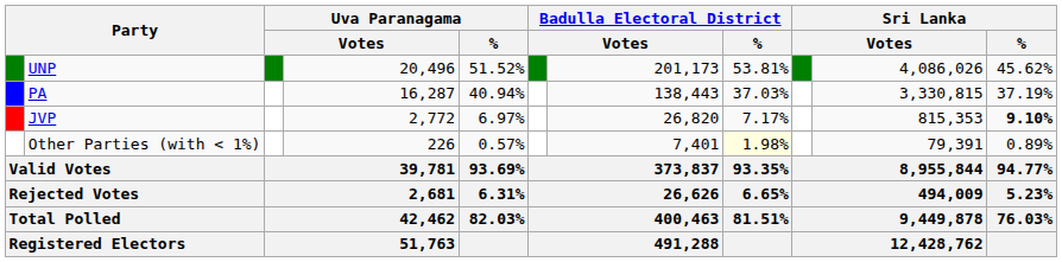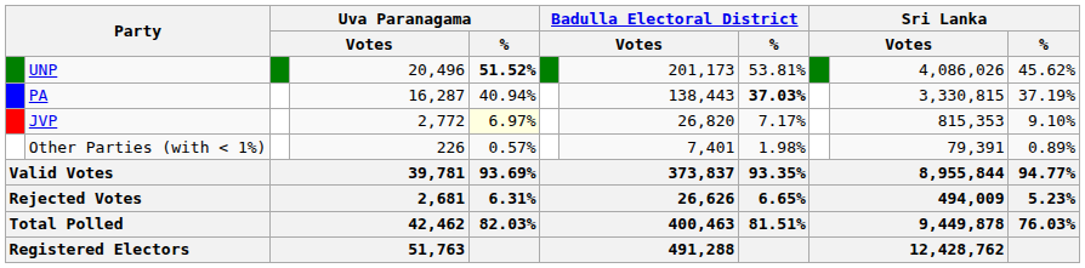 <table class="wikitable">
 <tr>
 <th colspan="2" width="144px"rowspan="2">Party</th>
 <th colspan="3" width="216px">Uva Paranagama</th>
 <th colspan="3" width="216px"><a href='#'>Badulla Electoral District</a></th>
 <th colspan="3" width="216px">Sri Lanka</th>
 </tr>
 <tr>
 <th colspan="2" width="144px">Votes</th>
 <th>%</th>
 <th colspan="2" width="144px">Votes</th>
 <th>%</th>
 <th colspan="2" width="144px">Votes</th>
 <th>%</th>
 </tr>
 <tr>
 <td style="background-color:green;" width="10px"></td>
 <td style="text-align:left;"><a href='#'>UNP</a></td>
 <td style="background-color:green;" width="10px"></td>
 <td style="text-align:right;">20,496</td>
-<td style="text-align:right;">51.52%</td>
+<td style="text-align:right;"><strong>51.52%</strong></td>
 <td style="background-color:green;" width="10px"></td>
 <td style="text-align:right;">201,173</td>
 <td style="text-align:right;">53.81%</td>
 <td style="background-color:green;" width="10px"></td>
 <td style="text-align:right;">4,086,026</td>
 <td style="text-align:right;">45.62%</td>
 </tr>
 <tr>
 <td style="background-color:blue;" width="10px"></td>
 <td style="text-align:left;"><a href='#'>PA</a></td>
 <td style="background-color:white;" width="10px"></td>
 <td style="text-align:right;">16,287</td>
 <td style="text-align:right;">40.94%</td>
 <td style="background-color:white;" width="10px"></td>
 <td style="text-align:right;">138,443</td>
-<td style="text-align:right;">37.03%</td>
+<td style="text-align:right;"><strong>37.03%</strong></td>
 <td style="background-color:white;" width="10px"></td>
 <td style="text-align:right;">3,330,815</td>
 <td style="text-align:right;">37.19%</td>
 </tr>
 <tr>
 <td style="background-color:red;" width="10px"></td>
 <td style="text-align:left;"><a href='#'>JVP</a></td>
 <td style="background-color:white;" width="10px"></td>
 <td style="text-align:right;">2,772</td>
-<td style="text-align:right;">6.97%</td>
+<td style="background: lightyellow; text-align:right;">6.97%</td>
 <td style="background-color:white;" width="10px"></td>
 <td style="text-align:right;">26,820</td>
 <td style="text-align:right;">7.17%</td>
 <td style="background-color:white;" width="10px"></td>
 <td style="text-align:right;">815,353</td>
-<td style="text-align:right;"><strong>9.10%</strong></td>
+<td style="text-align:right;">9.10%</td>
 </tr>
 <tr>
 <td style="background-color:white;" width="10px"></td>
 <td style="text-align:left;">Other Parties (with < 1%)</td>
 <td style="background-color:white;" width="10px"></td>
 <td style="text-align:right;">226</td>
 <td style="text-align:right;">0.57%</td>
 <td style="background-color:white;" width="10px"></td>
 <td style="text-align:right;">7,401</td>
-<td style="background: lightyellow; text-align:right;">1.98%</td>
+<td style="text-align:right;">1.98%</td>
 <td style="background-color:white;" width="10px"></td>
 <td style="text-align:right;">79,391</td>
 <td style="text-align:right;">0.89%</td>
 </tr>
 <tr>
 <th colspan="2" width="144px"style="text-align:left;">Valid Votes</th>
 <th style="text-align:right;"colspan="2" width="144px">39,781</th>
 <th style="text-align:right;">93.69%</th>
 <th style="text-align:right;"colspan="2" width="144px">373,837</th>
 <th style="text-align:right;">93.35%</th>
 <th style="text-align:right;"colspan="2" width="144px">8,955,844</th>
 <th style="text-align:right;">94.77%</th>
 </tr>
 <tr>
 <th colspan="2" width="144px"style="text-align:left;">Rejected Votes</th>
 <th style="text-align:right;"colspan="2" width="144px">2,681</th>
 <th style="text-align:right;">6.31%</th>
 <th style="text-align:right;"colspan="2" width="144px">26,626</th>
 <th style="text-align:right;">6.65%</th>
 <th style="text-align:right;"colspan="2" width="144px">494,009</th>
 <th style="text-align:right;">5.23%</th>
 </tr>
 <tr>
 <th colspan="2" width="144px"style="text-align:left;">Total Polled</th>
 <th style="text-align:right;"colspan="2" width="144px">42,462</th>
 <th style="text-align:right;">82.03%</th>
 <th style="text-align:right;"colspan="2" width="144px">400,463</th>
 <th style="text-align:right;">81.51%</th>
 <th style="text-align:right;"colspan="2" width="144px">9,449,878</th>
 <th style="text-align:right;">76.03%</th>
 </tr>
 <tr>
 <th colspan="2" width="144px"style="text-align:left;">Registered Electors</th>
 <th style="text-align:right;"colspan="2" width="144px">51,763</th>
 <th></th>
 <th style="text-align:right;"colspan="2" width="144px">491,288</th>
 <th></th>
 <th style="text-align:right;"colspan="2" width="144px">12,428,762</th>
 <th></th>
 </tr>
 </table>
